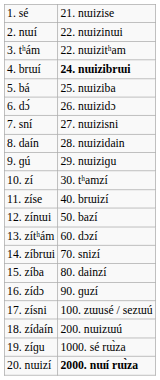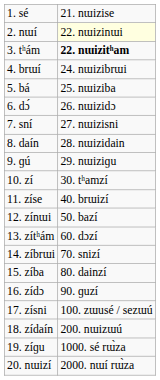 <table class="wikitable">
 <tr>
 <td>1. sé</td>
 <td>21.  nɯizise</td>
 </tr>
 <tr>
 <td>2. nɯí</td>
-<td>22.  nɯizinɯi</td>
+<td style="background: lightyellow;">22.  nɯizinɯi</td>
 </tr>
 <tr>
 <td>3. tʰám</td>
-<td>22.  nɯizitʰam</td>
+<td><strong>22.  nɯizitʰam</strong></td>
 </tr>
 <tr>
 <td>4. brɯí</td>
-<td><strong>24.  nɯizibrɯi</strong></td>
+<td>24.  nɯizibrɯi</td>
 </tr>
 <tr>
 <td>5. bá</td>
 <td>25.  nɯiziba</td>
 </tr>
 <tr>
 <td>6. dɔ́</td>
 <td>26.  nɯizidɔ</td>
 </tr>
 <tr>
 <td>7. sní</td>
 <td>27.  nɯizisni</td>
 </tr>
 <tr>
 <td>8. daín</td>
 <td>28.  nɯizidain</td>
 </tr>
 <tr>
 <td>9. ɡú</td>
 <td>29.  nɯiziɡu</td>
 </tr>
 <tr>
 <td>10. zí</td>
 <td>30.  tʰamzí</td>
 </tr>
 <tr>
 <td>11. zíse</td>
 <td>40.  brɯizí</td>
 </tr>
 <tr>
 <td>12. zínɯi</td>
 <td>50.<strong>  </strong>bazí</td>
 </tr>
 <tr>
 <td>13. zítʰám</td>
 <td>60.  dɔzí</td>
 </tr>
 <tr>
 <td>14. zíbrɯi</td>
 <td>70.  snizí</td>
 </tr>
 <tr>
 <td>15. zíba</td>
 <td>80.  dainzí</td>
 </tr>
 <tr>
 <td>16. zídɔ</td>
 <td>90.  ɡuzí</td>
 </tr>
 <tr>
 <td>17. zísni</td>
 <td>100. zɯusé / sezɯú</td>
 </tr>
 <tr>
 <td>18. zídaín</td>
 <td>200. nɯizɯú</td>
 </tr>
 <tr>
 <td>19. zíɡu</td>
 <td>1000. sé rɯ̀za</td>
 </tr>
 <tr>
 <td>20. nɯizí</td>
-<td><strong>2000. nɯí rɯ̀za</strong></td>
+<td>2000. nɯí rɯ̀za</td>
 </tr>
 </table>
